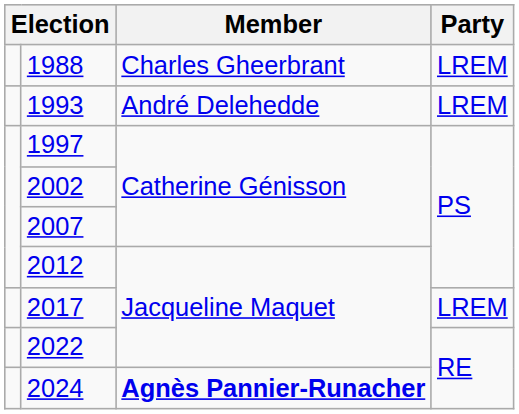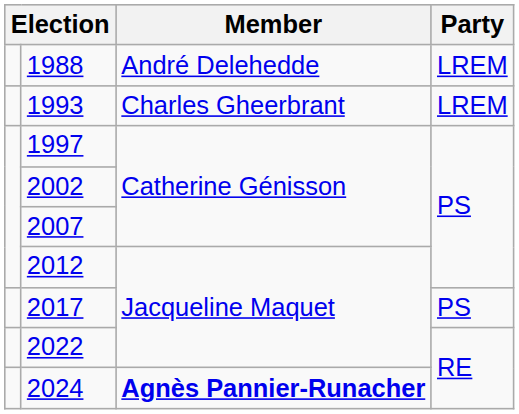 <table class="wikitable">
 <tr>
 <th colspan="2">Election</th>
 <th>Member</th>
 <th>Party</th>
 </tr>
 <tr>
 <td style="color:inherit;background-color: "></td>
 <td><a href='#'>1988</a></td>
-<td><a href='#'>Charles Gheerbrant</a></td>
+<td><a href='#'>André Delehedde</a></td>
 <td><a href='#'>LREM</a></td>
 </tr>
 <tr>
 <td style="color:inherit;background-color: "></td>
 <td><a href='#'>1993</a></td>
-<td><a href='#'>André Delehedde</a></td>
+<td><a href='#'>Charles Gheerbrant</a></td>
 <td><a href='#'>LREM</a></td>
 </tr>
 <tr>
 <td rowspan="4" style="background-color: "></td>
 <td><a href='#'>1997</a></td>
 <td rowspan="3"><a href='#'>Catherine Génisson</a></td>
 <td rowspan="4"><a href='#'>PS</a></td>
 </tr>
 <tr>
 <td><a href='#'>2002</a></td>
 </tr>
 <tr>
 <td><a href='#'>2007</a></td>
 </tr>
 <tr>
 <td><a href='#'>2012</a></td>
 <td rowspan="3"><a href='#'>Jacqueline Maquet</a></td>
 </tr>
 <tr>
 <td style="color:inherit;background-color: "></td>
 <td><a href='#'>2017</a></td>
-<td><a href='#'>LREM</a></td>
+<td><a href='#'>PS</a></td>
 </tr>
 <tr>
 <td style="color:inherit;background-color: "></td>
 <td><a href='#'>2022</a></td>
 <td rowspan=2><a href='#'>RE</a></td>
 </tr>
 <tr>
 <td rowspan=2 style="color:inherit;background-color: "></td>
 <td><a href='#'>2024</a></td>
 <td><strong><a href='#'>Agnès Pannier-Runacher</a></strong></td>
 </tr>
 </table>
